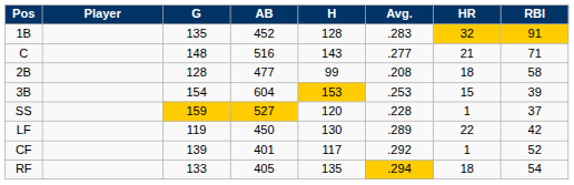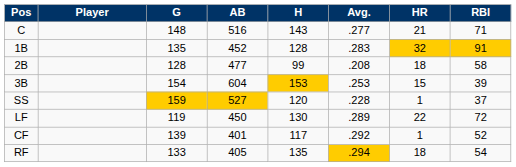 <table class="wikitable sortable">
 <tr>
 <th style="background:#003366;color:white;" width="5%">Pos</th>
 <th style="background:#003366;color:white;" width="16%">Player</th>
 <th style="background:#003366;color:white;" width="9%">G</th>
 <th style="background:#003366;color:white;" width="9%">AB</th>
 <th style="background:#003366;color:white;" width="9%">H</th>
 <th style="background:#003366;color:white;" width="9%">Avg.</th>
 <th style="background:#003366;color:white;" width="9%">HR</th>
 <th style="background:#003366;color:white;" width="9%">RBI</th>
 </tr>
 <tr align="center">
+<td>C</td>
+<td></td>
+<td>148</td>
+<td>516</td>
+<td>143</td>
+<td>.277</td>
+<td>21</td>
+<td>71</td>
+</tr>
+<tr align="center">
 <td>1B</td>
 <td></td>
 <td>135</td>
 <td>452</td>
 <td>128</td>
 <td>.283</td>
 <td style="background:#fc0;">32</td>
 <td style="background:#fc0;">91</td>
-</tr>
-<tr align="center">
-<td>C</td>
-<td></td>
-<td>148</td>
-<td>516</td>
-<td>143</td>
-<td>.277</td>
-<td>21</td>
-<td>71</td>
 </tr>
 <tr align="center">
 <td>2B</td>
 <td></td>
 <td>128</td>
 <td>477</td>
 <td>99</td>
 <td>.208</td>
 <td>18</td>
 <td>58</td>
 </tr>
 <tr align="center">
 <td>3B</td>
 <td></td>
 <td>154</td>
 <td>604</td>
 <td style="background:#fc0;">153</td>
 <td>.253</td>
 <td>15</td>
 <td>39</td>
 </tr>
 <tr align="center">
 <td>SS</td>
 <td></td>
 <td style="background:#fc0;">159</td>
 <td style="background:#fc0;">527</td>
 <td>120</td>
 <td>.228</td>
 <td>1</td>
 <td>37</td>
 </tr>
 <tr align="center">
 <td>LF</td>
 <td></td>
 <td>119</td>
 <td>450</td>
 <td>130</td>
 <td>.289</td>
 <td>22</td>
-<td>42</td>
+<td>72</td>
 </tr>
 <tr align="center">
 <td>CF</td>
 <td></td>
 <td>139</td>
 <td>401</td>
 <td>117</td>
 <td>.292</td>
 <td>1</td>
 <td>52</td>
 </tr>
 <tr align="center">
 <td>RF</td>
 <td></td>
 <td>133</td>
 <td>405</td>
 <td>135</td>
 <td style="background:#fc0;">.294</td>
 <td>18</td>
 <td>54</td>
 </tr>
 </table>
